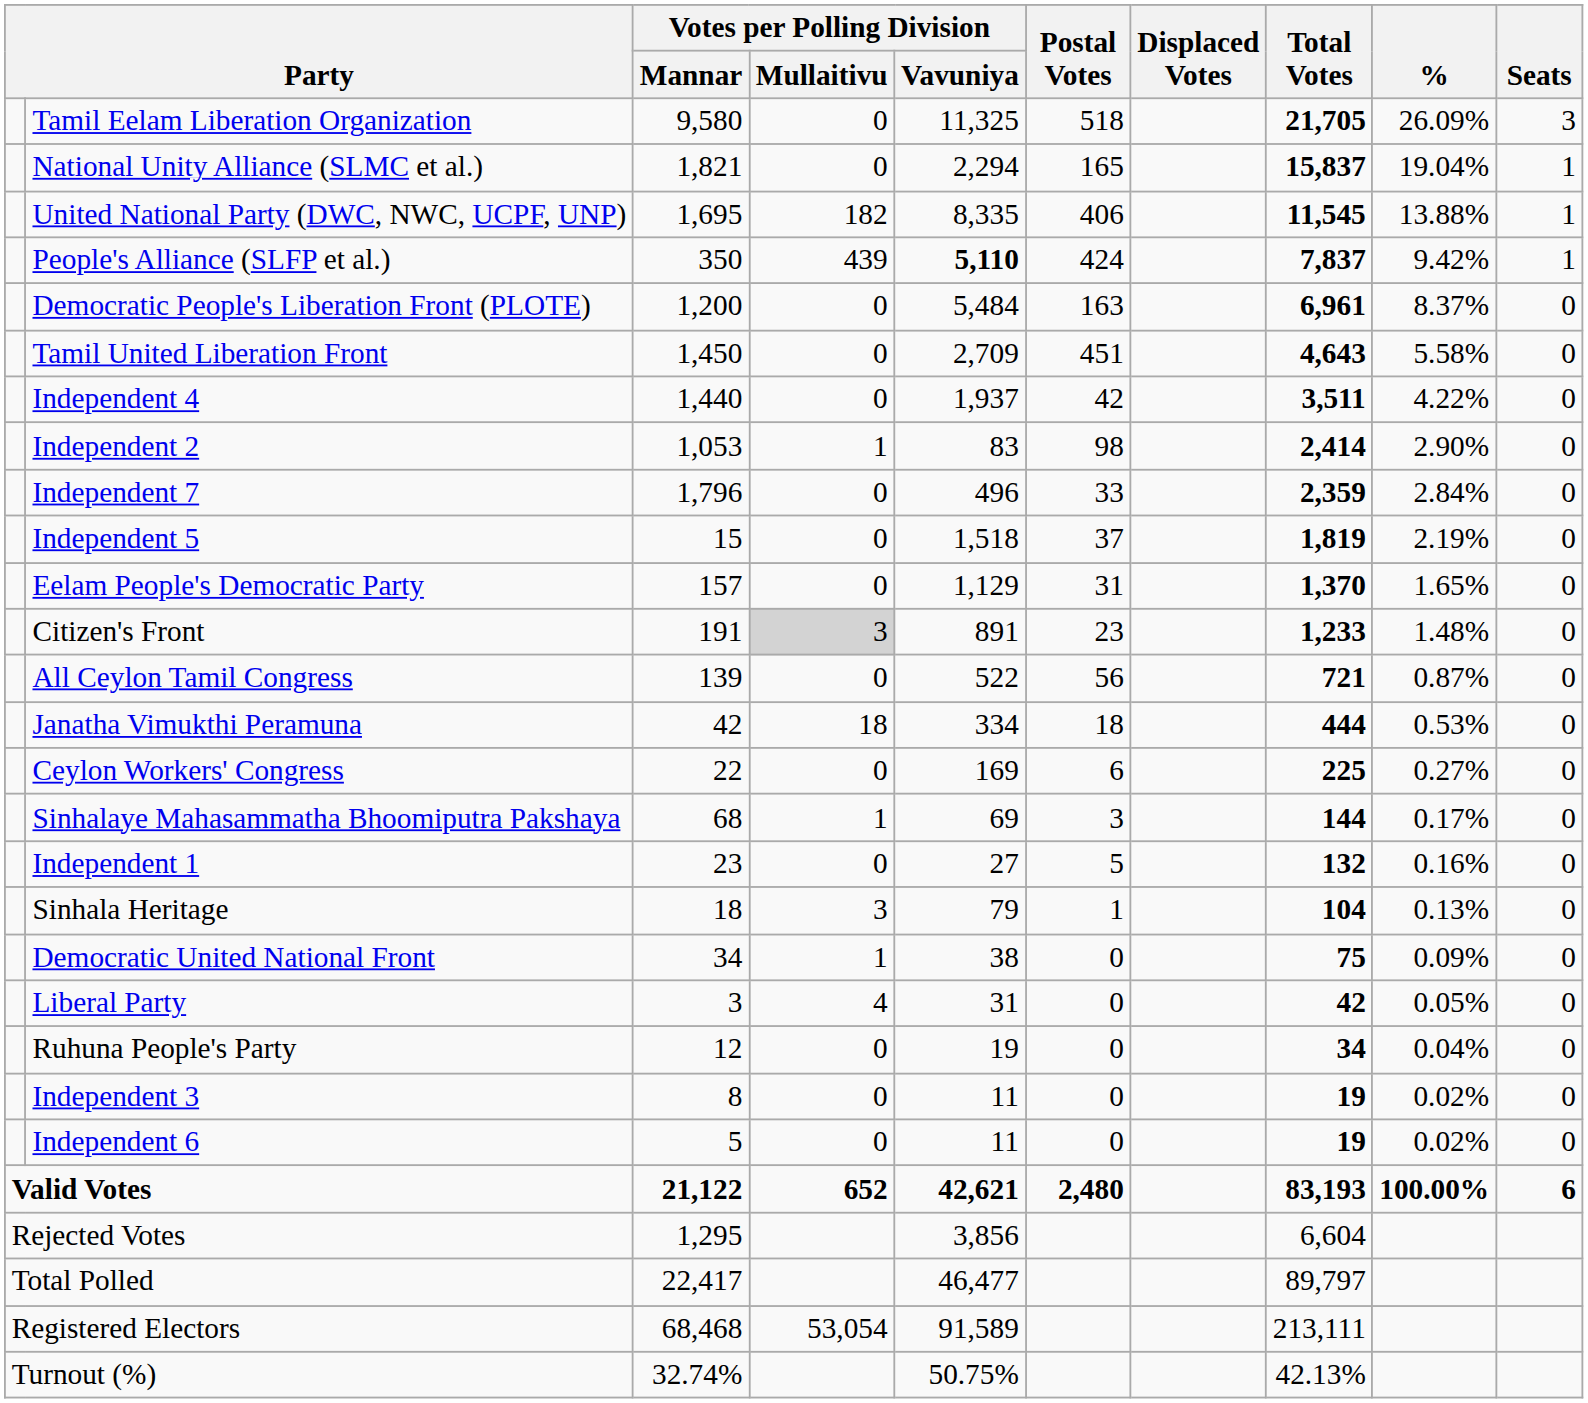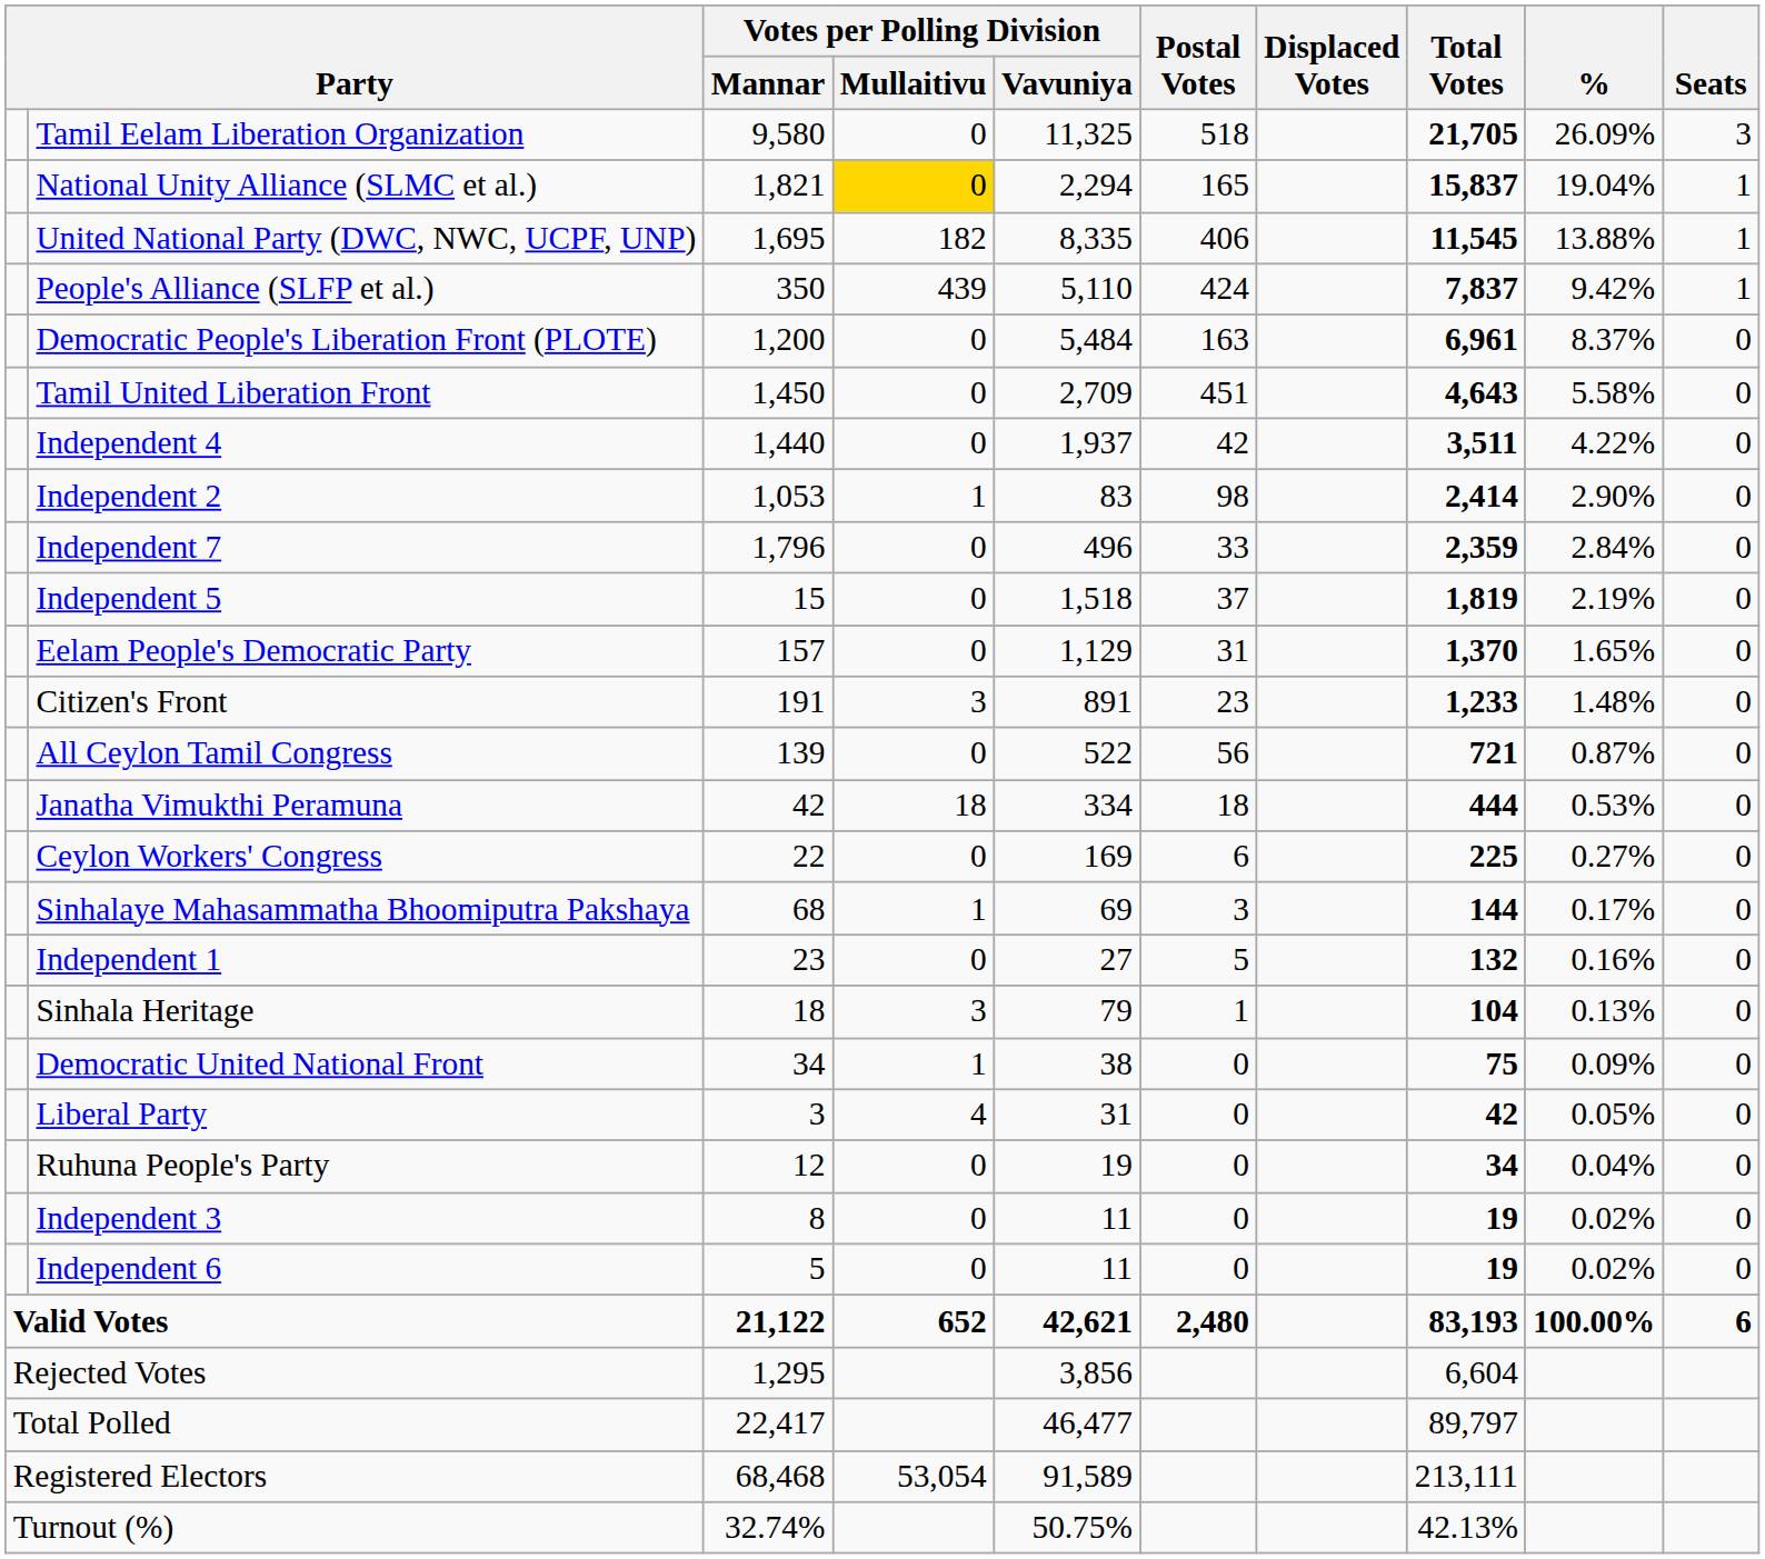 <table class="wikitable" border="1" style="text-align:right;">
 <tr>
 <th align=left valign=bottom rowspan=2 colspan=2>Party</th>
 <th colspan=3>Votes per Polling Division</th>
 <th align=center valign=bottom rowspan=2 width="50">Postal<br>Votes</th>
 <th align=center valign=bottom rowspan=2 width="50">Displaced<br>Votes</th>
 <th align=center valign=bottom rowspan=2 width="50">Total Votes</th>
 <th align=center valign=bottom rowspan=2 width="50">%</th>
 <th align=center valign=bottom rowspan=2 width="40">Seats</th>
 </tr>
 <tr>
 <th align=center valign=bottom width="50">Mannar</th>
 <th align=center valign=bottom width="50">Mullaitivu</th>
 <th align=center valign=bottom width="50">Vavuniya</th>
 </tr>
 <tr>
 <td bgcolor=> </td>
 <td align=left><a href='#'>Tamil Eelam Liberation Organization</a></td>
 <td>9,580</td>
 <td>0</td>
 <td>11,325</td>
 <td>518</td>
 <td></td>
 <td><strong>21,705</strong></td>
 <td>26.09%</td>
 <td>3</td>
 </tr>
 <tr>
 <td bgcolor=> </td>
 <td align=left><a href='#'>National Unity Alliance</a> (<a href='#'>SLMC</a> et al.)</td>
 <td>1,821</td>
-<td>0</td>
+<td style="background: gold;">0</td>
 <td>2,294</td>
 <td>165</td>
 <td></td>
 <td><strong>15,837</strong></td>
 <td>19.04%</td>
 <td>1</td>
 </tr>
 <tr>
 <td bgcolor=> </td>
 <td align=left><a href='#'>United National Party</a> (<a href='#'>DWC</a>, NWC, <a href='#'>UCPF</a>, <a href='#'>UNP</a>)</td>
 <td>1,695</td>
 <td>182</td>
 <td>8,335</td>
 <td>406</td>
 <td></td>
 <td><strong>11,545</strong></td>
 <td>13.88%</td>
 <td>1</td>
 </tr>
 <tr>
 <td bgcolor=> </td>
 <td align=left><a href='#'>People's Alliance</a> (<a href='#'>SLFP</a> et al.)</td>
 <td>350</td>
 <td>439</td>
-<td><strong>5,110</strong></td>
+<td>5,110</td>
 <td>424</td>
 <td></td>
 <td><strong>7,837</strong></td>
 <td>9.42%</td>
 <td>1</td>
 </tr>
 <tr>
 <td bgcolor=> </td>
 <td align=left><a href='#'>Democratic People's Liberation Front</a> (<a href='#'>PLOTE</a>)</td>
 <td>1,200</td>
 <td>0</td>
 <td>5,484</td>
 <td>163</td>
 <td></td>
 <td><strong>6,961</strong></td>
 <td>8.37%</td>
 <td>0</td>
 </tr>
 <tr>
 <td bgcolor=> </td>
 <td align=left><a href='#'>Tamil United Liberation Front</a></td>
 <td>1,450</td>
 <td>0</td>
 <td>2,709</td>
 <td>451</td>
 <td></td>
 <td><strong>4,643</strong></td>
 <td>5.58%</td>
 <td>0</td>
 </tr>
 <tr>
 <td bgcolor=> </td>
 <td align=left><a href='#'>Independent 4</a></td>
 <td>1,440</td>
 <td>0</td>
 <td>1,937</td>
 <td>42</td>
 <td></td>
 <td><strong>3,511</strong></td>
 <td>4.22%</td>
 <td>0</td>
 </tr>
 <tr>
 <td bgcolor=> </td>
 <td align=left><a href='#'>Independent 2</a></td>
 <td>1,053</td>
 <td>1</td>
 <td>83</td>
 <td>98</td>
 <td></td>
 <td><strong>2,414</strong></td>
 <td>2.90%</td>
 <td>0</td>
 </tr>
 <tr>
 <td bgcolor=> </td>
 <td align=left><a href='#'>Independent 7</a></td>
 <td>1,796</td>
 <td>0</td>
 <td>496</td>
 <td>33</td>
 <td></td>
 <td><strong>2,359</strong></td>
 <td>2.84%</td>
 <td>0</td>
 </tr>
 <tr>
 <td bgcolor=> </td>
 <td align=left><a href='#'>Independent 5</a></td>
 <td>15</td>
 <td>0</td>
 <td>1,518</td>
 <td>37</td>
 <td></td>
 <td><strong>1,819</strong></td>
 <td>2.19%</td>
 <td>0</td>
 </tr>
 <tr>
 <td bgcolor=> </td>
 <td align=left><a href='#'>Eelam People's Democratic Party</a></td>
 <td>157</td>
 <td>0</td>
 <td>1,129</td>
 <td>31</td>
 <td></td>
 <td><strong>1,370</strong></td>
 <td>1.65%</td>
 <td>0</td>
 </tr>
 <tr>
 <td></td>
 <td align=left>Citizen's Front</td>
 <td>191</td>
-<td style="background: lightgrey;">3</td>
+<td>3</td>
 <td>891</td>
 <td>23</td>
 <td></td>
 <td><strong>1,233</strong></td>
 <td>1.48%</td>
 <td>0</td>
 </tr>
 <tr>
 <td bgcolor=> </td>
 <td align=left><a href='#'>All Ceylon Tamil Congress</a></td>
 <td>139</td>
 <td>0</td>
 <td>522</td>
 <td>56</td>
 <td></td>
 <td><strong>721</strong></td>
 <td>0.87%</td>
 <td>0</td>
 </tr>
 <tr>
 <td bgcolor=> </td>
 <td align=left><a href='#'>Janatha Vimukthi Peramuna</a></td>
 <td>42</td>
 <td>18</td>
 <td>334</td>
 <td>18</td>
 <td></td>
 <td><strong>444</strong></td>
 <td>0.53%</td>
 <td>0</td>
 </tr>
 <tr>
 <td bgcolor=> </td>
 <td align=left><a href='#'>Ceylon Workers' Congress</a></td>
 <td>22</td>
 <td>0</td>
 <td>169</td>
 <td>6</td>
 <td></td>
 <td><strong>225</strong></td>
 <td>0.27%</td>
 <td>0</td>
 </tr>
 <tr>
 <td bgcolor=> </td>
 <td align=left><a href='#'>Sinhalaye Mahasammatha Bhoomiputra Pakshaya</a></td>
 <td>68</td>
 <td>1</td>
 <td>69</td>
 <td>3</td>
 <td></td>
 <td><strong>144</strong></td>
 <td>0.17%</td>
 <td>0</td>
 </tr>
 <tr>
 <td bgcolor=> </td>
 <td align=left><a href='#'>Independent 1</a></td>
 <td>23</td>
 <td>0</td>
 <td>27</td>
 <td>5</td>
 <td></td>
 <td><strong>132</strong></td>
 <td>0.16%</td>
 <td>0</td>
 </tr>
 <tr>
 <td></td>
 <td align=left>Sinhala Heritage</td>
 <td>18</td>
 <td>3</td>
 <td>79</td>
 <td>1</td>
 <td></td>
 <td><strong>104</strong></td>
 <td>0.13%</td>
 <td>0</td>
 </tr>
 <tr>
 <td></td>
 <td align=left><a href='#'>Democratic United National Front</a></td>
 <td>34</td>
 <td>1</td>
 <td>38</td>
 <td>0</td>
 <td></td>
 <td><strong>75</strong></td>
 <td>0.09%</td>
 <td>0</td>
 </tr>
 <tr>
 <td></td>
 <td align=left><a href='#'>Liberal Party</a></td>
 <td>3</td>
 <td>4</td>
 <td>31</td>
 <td>0</td>
 <td></td>
 <td><strong>42</strong></td>
 <td>0.05%</td>
 <td>0</td>
 </tr>
 <tr>
 <td></td>
 <td align=left>Ruhuna People's Party</td>
 <td>12</td>
 <td>0</td>
 <td>19</td>
 <td>0</td>
 <td></td>
 <td><strong>34</strong></td>
 <td>0.04%</td>
 <td>0</td>
 </tr>
 <tr>
 <td bgcolor=> </td>
 <td align=left><a href='#'>Independent 3</a></td>
 <td>8</td>
 <td>0</td>
 <td>11</td>
 <td>0</td>
 <td></td>
 <td><strong>19</strong></td>
 <td>0.02%</td>
 <td>0</td>
 </tr>
 <tr>
 <td bgcolor=> </td>
 <td align=left><a href='#'>Independent 6</a></td>
 <td>5</td>
 <td>0</td>
 <td>11</td>
 <td>0</td>
 <td></td>
 <td><strong>19</strong></td>
 <td>0.02%</td>
 <td>0</td>
 </tr>
 <tr>
 <td align=left colspan=2><strong>Valid Votes</strong></td>
 <td><strong>21,122</strong></td>
 <td><strong>652</strong></td>
 <td><strong>42,621</strong></td>
 <td><strong>2,480</strong></td>
 <td></td>
 <td><strong>83,193</strong></td>
 <td><strong>100.00%</strong></td>
 <td><strong>6</strong></td>
 </tr>
 <tr>
 <td align=left colspan=2>Rejected Votes</td>
 <td>1,295</td>
 <td></td>
 <td>3,856</td>
 <td></td>
 <td></td>
 <td>6,604</td>
 <td></td>
 <td></td>
 </tr>
 <tr>
 <td align=left colspan=2>Total Polled</td>
 <td>22,417</td>
 <td></td>
 <td>46,477</td>
 <td></td>
 <td></td>
 <td>89,797</td>
 <td></td>
 <td></td>
 </tr>
 <tr>
 <td align=left colspan=2>Registered Electors</td>
 <td>68,468</td>
 <td>53,054</td>
 <td>91,589</td>
 <td></td>
 <td></td>
 <td>213,111</td>
 <td></td>
 <td></td>
 </tr>
 <tr>
 <td align=left colspan=2>Turnout (%)</td>
 <td>32.74%</td>
 <td></td>
 <td>50.75%</td>
 <td></td>
 <td></td>
 <td>42.13%</td>
 <td></td>
 <td></td>
 </tr>
 </table>
